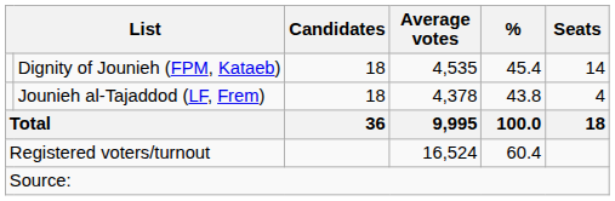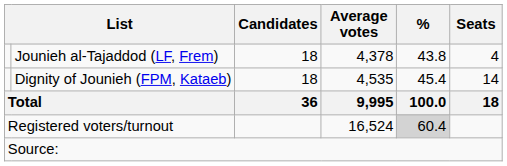 <table class="wikitable sortable" style="text-align:right">
 <tr>
 <th colspan="2" scope="col">List</th>
 <th>Candidates</th>
 <th scope="col">Average votes</th>
 <th scope="col">%</th>
 <th scope="col">Seats</th>
 </tr>
 <tr>
 <td rowspan="1" style="background-color:"></td>
+<td style="text-align:left;">Jounieh al-Tajaddod (<a href='#'>LF</a>, <a href='#'>Frem</a>)</td>
+<td>18</td>
+<td>4,378</td>
+<td>43.8</td>
+<td>4</td>
+</tr>
+<tr>
+<td rowspan="1" style="background-color:"></td>
 <td style="text-align:left;">Dignity of Jounieh (<a href='#'>FPM</a>, <a href='#'>Kataeb</a>)</td>
 <td>18</td>
 <td>4,535</td>
 <td>45.4</td>
 <td>14</td>
-</tr>
-<tr>
-<td rowspan="1" style="background-color:"></td>
-<td style="text-align:left;">Jounieh al-Tajaddod (<a href='#'>LF</a>, <a href='#'>Frem</a>)</td>
-<td>18</td>
-<td>4,378</td>
-<td>43.8</td>
-<td>4</td>
 </tr>
 <tr>
 <th colspan="2" style="text-align:left;width:200px">Total</th>
 <th style="text-align:right;width:50px">36</th>
 <th style="text-align:right;width:75px">9,995</th>
 <th style="text-align:right;width:50px">100.0</th>
 <th style="text-align:right;width:50px">18</th>
 </tr>
 <tr>
 <td colspan="2" style="text-align:left;width:200px">Registered voters/turnout</td>
 <td></td>
 <td style="text-align:right;width:75px">16,524</td>
-<td style="text-align:right;width:50px">60.4</td>
+<td style="background: lightgrey; text-align:right;width:50px">60.4</td>
 <td style="text-align:right;width:50px"></td>
 </tr>
 <tr>
 <td colspan="6" style="text-align:left;">Source: </td>
 </tr>
 </table>
